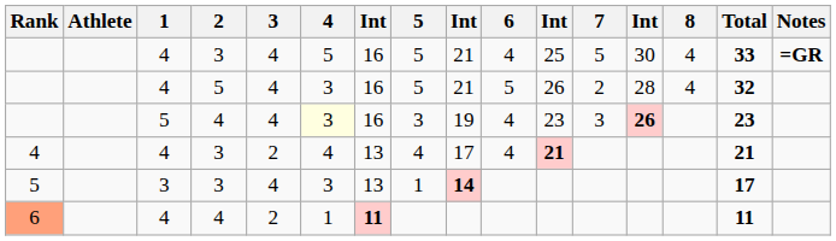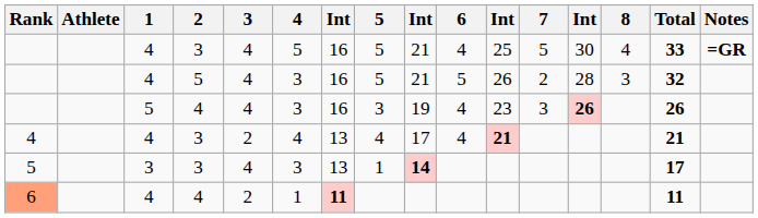 <table class="wikitable sortable" style="text-align:center">
 <tr>
 <th>Rank</th>
 <th>Athlete</th>
 <th class=unsortable width=35px>1</th>
 <th class=unsortable width=35px>2</th>
 <th class=unsortable width=35px>3</th>
 <th class=unsortable width=35px>4</th>
 <th>Int</th>
 <th class=unsortable width=35px>5</th>
 <th>Int</th>
 <th class=unsortable width=35px>6</th>
 <th>Int</th>
 <th class=unsortable width=35px>7</th>
 <th>Int</th>
 <th class=unsortable width=35px>8</th>
 <th>Total</th>
 <th class=unsortable>Notes</th>
 </tr>
 <tr>
 <td></td>
 <td align=left></td>
 <td>4</td>
 <td>3</td>
 <td>4</td>
 <td>5</td>
 <td>16</td>
 <td>5</td>
 <td>21</td>
 <td>4</td>
 <td>25</td>
 <td>5</td>
 <td>30</td>
 <td>4</td>
 <td><strong>33</strong></td>
 <td><strong>=GR</strong></td>
 </tr>
 <tr>
 <td></td>
 <td align=left></td>
 <td>4</td>
 <td>5</td>
 <td>4</td>
 <td>3</td>
 <td>16</td>
 <td>5</td>
 <td>21</td>
 <td>5</td>
 <td>26</td>
 <td>2</td>
 <td>28</td>
-<td>4</td>
+<td>3</td>
 <td><strong>32</strong></td>
 <td></td>
 </tr>
 <tr>
 <td></td>
 <td align=left></td>
 <td>5</td>
 <td>4</td>
 <td>4</td>
-<td style="background: lightyellow;">3</td>
+<td>3</td>
 <td>16</td>
 <td>3</td>
 <td>19</td>
 <td>4</td>
 <td>23</td>
 <td>3</td>
 <td style="background:#ffcccc"><strong>26</strong></td>
 <td></td>
-<td><strong>23</strong></td>
+<td><strong>26</strong></td>
 <td></td>
 </tr>
 <tr>
 <td>4</td>
 <td align=left></td>
 <td>4</td>
 <td>3</td>
 <td>2</td>
 <td>4</td>
 <td>13</td>
 <td>4</td>
 <td>17</td>
 <td>4</td>
 <td style="background:#ffcccc"><strong>21</strong></td>
 <td></td>
 <td></td>
 <td></td>
 <td><strong>21</strong></td>
 <td></td>
 </tr>
 <tr>
 <td>5</td>
 <td align=left></td>
 <td>3</td>
 <td>3</td>
 <td>4</td>
 <td>3</td>
 <td>13</td>
 <td>1</td>
 <td style="background:#ffcccc"><strong>14</strong></td>
 <td></td>
 <td></td>
 <td></td>
 <td></td>
 <td></td>
 <td><strong>17</strong></td>
 <td></td>
 </tr>
 <tr>
 <td style="background: lightsalmon;">6</td>
 <td align=left></td>
 <td>4</td>
 <td>4</td>
 <td>2</td>
 <td>1</td>
 <td style="background:#ffcccc"><strong>11</strong></td>
 <td></td>
 <td></td>
 <td></td>
 <td></td>
 <td></td>
 <td></td>
 <td></td>
 <td><strong>11</strong></td>
 <td></td>
 </tr>
 </table>
